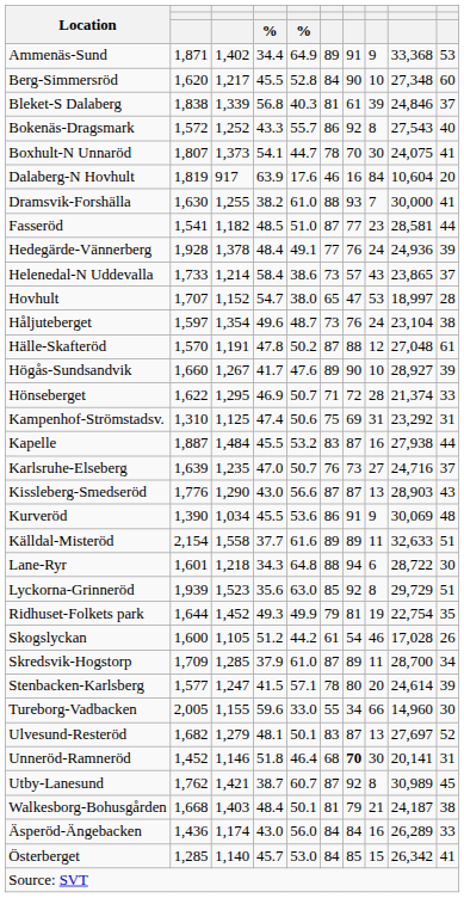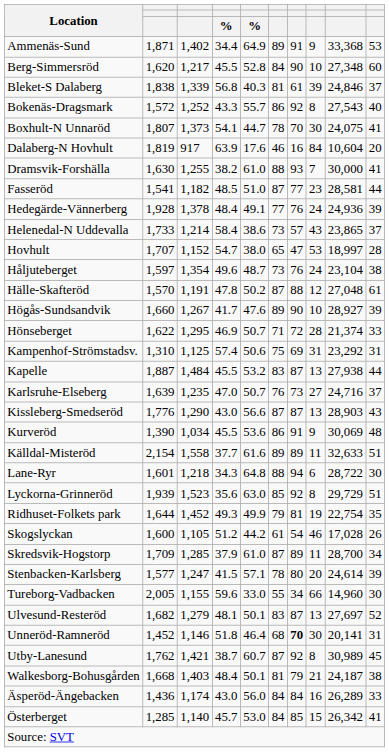 <table role="presentation" class="wikitable sortable mw-collapsible mw-collapsed">
 <tr>
 <th rowspan="3">Location</th>
 <th></th>
 <th></th>
 <th></th>
 <th></th>
 <th></th>
 <th></th>
 <th></th>
 <th></th>
 <th></th>
 </tr>
 <tr>
 <th></th>
 <th></th>
 <th style="background:"></th>
 <th style="background:"></th>
 <th></th>
 <th></th>
 <th></th>
 <th></th>
 <th></th>
 </tr>
 <tr>
 <th data-sort-type="number"></th>
 <th data-sort-type="number"></th>
 <th data-sort-type="number">%</th>
 <th data-sort-type="number">%</th>
 <th data-sort-type="number"></th>
 <th data-sort-type="number"></th>
 <th data-sort-type="number"></th>
 <th data-sort-type="number"></th>
 <th data-sort-type="number"></th>
 </tr>
 <tr>
 <td align="left">Ammenäs-Sund</td>
 <td>1,871</td>
 <td>1,402</td>
 <td>34.4</td>
 <td>64.9</td>
 <td>89</td>
 <td>91</td>
 <td>9</td>
 <td>33,368</td>
 <td>53</td>
 </tr>
 <tr>
 <td align="left">Berg-Simmersröd</td>
 <td>1,620</td>
 <td>1,217</td>
 <td>45.5</td>
 <td>52.8</td>
 <td>84</td>
 <td>90</td>
 <td>10</td>
 <td>27,348</td>
 <td>60</td>
 </tr>
 <tr>
 <td align="left">Bleket-S Dalaberg</td>
 <td>1,838</td>
 <td>1,339</td>
 <td>56.8</td>
 <td>40.3</td>
 <td>81</td>
 <td>61</td>
 <td>39</td>
 <td>24,846</td>
 <td>37</td>
 </tr>
 <tr>
 <td align="left">Bokenäs-Dragsmark</td>
 <td>1,572</td>
 <td>1,252</td>
 <td>43.3</td>
 <td>55.7</td>
 <td>86</td>
 <td>92</td>
 <td>8</td>
 <td>27,543</td>
 <td>40</td>
 </tr>
 <tr>
 <td align="left">Boxhult-N Unnaröd</td>
 <td>1,807</td>
 <td>1,373</td>
 <td>54.1</td>
 <td>44.7</td>
 <td>78</td>
 <td>70</td>
 <td>30</td>
 <td>24,075</td>
 <td>41</td>
 </tr>
 <tr>
 <td align="left">Dalaberg-N Hovhult</td>
 <td>1,819</td>
 <td>917</td>
 <td>63.9</td>
 <td>17.6</td>
 <td>46</td>
 <td>16</td>
 <td>84</td>
 <td>10,604</td>
 <td>20</td>
 </tr>
 <tr>
 <td align="left">Dramsvik-Forshälla</td>
 <td>1,630</td>
 <td>1,255</td>
 <td>38.2</td>
 <td>61.0</td>
 <td>88</td>
 <td>93</td>
 <td>7</td>
 <td>30,000</td>
 <td>41</td>
 </tr>
 <tr>
 <td align="left">Fasseröd</td>
 <td>1,541</td>
 <td>1,182</td>
 <td>48.5</td>
 <td>51.0</td>
 <td>87</td>
 <td>77</td>
 <td>23</td>
 <td>28,581</td>
 <td>44</td>
 </tr>
 <tr>
 <td align="left">Hedegärde-Vännerberg</td>
 <td>1,928</td>
 <td>1,378</td>
 <td>48.4</td>
 <td>49.1</td>
 <td>77</td>
 <td>76</td>
 <td>24</td>
 <td>24,936</td>
 <td>39</td>
 </tr>
 <tr>
 <td align="left">Helenedal-N Uddevalla</td>
 <td>1,733</td>
 <td>1,214</td>
 <td>58.4</td>
 <td>38.6</td>
 <td>73</td>
 <td>57</td>
 <td>43</td>
 <td>23,865</td>
 <td>37</td>
 </tr>
 <tr>
 <td align="left">Hovhult</td>
 <td>1,707</td>
 <td>1,152</td>
 <td>54.7</td>
 <td>38.0</td>
 <td>65</td>
 <td>47</td>
 <td>53</td>
 <td>18,997</td>
 <td>28</td>
 </tr>
 <tr>
 <td align="left">Håljuteberget</td>
 <td>1,597</td>
 <td>1,354</td>
 <td>49.6</td>
 <td>48.7</td>
 <td>73</td>
 <td>76</td>
 <td>24</td>
 <td>23,104</td>
 <td>38</td>
 </tr>
 <tr>
 <td align="left">Hälle-Skafteröd</td>
 <td>1,570</td>
 <td>1,191</td>
 <td>47.8</td>
 <td>50.2</td>
 <td>87</td>
 <td>88</td>
 <td>12</td>
 <td>27,048</td>
 <td>61</td>
 </tr>
 <tr>
 <td align="left">Högås-Sundsandvik</td>
 <td>1,660</td>
 <td>1,267</td>
 <td>41.7</td>
 <td>47.6</td>
 <td>89</td>
 <td>90</td>
 <td>10</td>
 <td>28,927</td>
 <td>39</td>
 </tr>
 <tr>
 <td align="left">Hönseberget</td>
 <td>1,622</td>
 <td>1,295</td>
 <td>46.9</td>
 <td>50.7</td>
 <td>71</td>
 <td>72</td>
 <td>28</td>
 <td>21,374</td>
 <td>33</td>
 </tr>
 <tr>
 <td align="left">Kampenhof-Strömstadsv.</td>
 <td>1,310</td>
 <td>1,125</td>
-<td>47.4</td>
+<td>57.4</td>
 <td>50.6</td>
 <td>75</td>
 <td>69</td>
 <td>31</td>
 <td>23,292</td>
 <td>31</td>
 </tr>
 <tr>
 <td align="left">Kapelle</td>
 <td>1,887</td>
 <td>1,484</td>
 <td>45.5</td>
 <td>53.2</td>
 <td>83</td>
 <td>87</td>
-<td>16</td>
+<td>13</td>
 <td>27,938</td>
 <td>44</td>
 </tr>
 <tr>
 <td align="left">Karlsruhe-Elseberg</td>
 <td>1,639</td>
 <td>1,235</td>
 <td>47.0</td>
 <td>50.7</td>
 <td>76</td>
 <td>73</td>
 <td>27</td>
 <td>24,716</td>
 <td>37</td>
 </tr>
 <tr>
 <td align="left">Kissleberg-Smedseröd</td>
 <td>1,776</td>
 <td>1,290</td>
 <td>43.0</td>
 <td>56.6</td>
 <td>87</td>
 <td>87</td>
 <td>13</td>
 <td>28,903</td>
 <td>43</td>
 </tr>
 <tr>
 <td align="left">Kurveröd</td>
 <td>1,390</td>
 <td>1,034</td>
 <td>45.5</td>
 <td>53.6</td>
 <td>86</td>
 <td>91</td>
 <td>9</td>
 <td>30,069</td>
 <td>48</td>
 </tr>
 <tr>
 <td align="left">Källdal-Misteröd</td>
 <td>2,154</td>
 <td>1,558</td>
 <td>37.7</td>
 <td>61.6</td>
 <td>89</td>
 <td>89</td>
 <td>11</td>
 <td>32,633</td>
 <td>51</td>
 </tr>
 <tr>
 <td align="left">Lane-Ryr</td>
 <td>1,601</td>
 <td>1,218</td>
 <td>34.3</td>
 <td>64.8</td>
 <td>88</td>
 <td>94</td>
 <td>6</td>
 <td>28,722</td>
 <td>30</td>
 </tr>
 <tr>
 <td align="left">Lyckorna-Grinneröd</td>
 <td>1,939</td>
 <td>1,523</td>
 <td>35.6</td>
 <td>63.0</td>
 <td>85</td>
 <td>92</td>
 <td>8</td>
 <td>29,729</td>
 <td>51</td>
 </tr>
 <tr>
 <td align="left">Ridhuset-Folkets park</td>
 <td>1,644</td>
 <td>1,452</td>
 <td>49.3</td>
 <td>49.9</td>
 <td>79</td>
 <td>81</td>
 <td>19</td>
 <td>22,754</td>
 <td>35</td>
 </tr>
 <tr>
 <td align="left">Skogslyckan</td>
 <td>1,600</td>
 <td>1,105</td>
 <td>51.2</td>
 <td>44.2</td>
 <td>61</td>
 <td>54</td>
 <td>46</td>
 <td>17,028</td>
 <td>26</td>
 </tr>
 <tr>
 <td align="left">Skredsvik-Hogstorp</td>
 <td>1,709</td>
 <td>1,285</td>
 <td>37.9</td>
 <td>61.0</td>
 <td>87</td>
 <td>89</td>
 <td>11</td>
 <td>28,700</td>
 <td>34</td>
 </tr>
 <tr>
 <td align="left">Stenbacken-Karlsberg</td>
 <td>1,577</td>
 <td>1,247</td>
 <td>41.5</td>
 <td>57.1</td>
 <td>78</td>
 <td>80</td>
 <td>20</td>
 <td>24,614</td>
 <td>39</td>
 </tr>
 <tr>
 <td align="left">Tureborg-Vadbacken</td>
 <td>2,005</td>
 <td>1,155</td>
 <td>59.6</td>
 <td>33.0</td>
 <td>55</td>
 <td>34</td>
 <td>66</td>
 <td>14,960</td>
 <td>30</td>
 </tr>
 <tr>
 <td align="left">Ulvesund-Resteröd</td>
 <td>1,682</td>
 <td>1,279</td>
 <td>48.1</td>
 <td>50.1</td>
 <td>83</td>
 <td>87</td>
 <td>13</td>
 <td>27,697</td>
 <td>52</td>
 </tr>
 <tr>
 <td align="left">Unneröd-Ramneröd</td>
 <td>1,452</td>
 <td>1,146</td>
 <td>51.8</td>
 <td>46.4</td>
 <td>68</td>
 <td><strong>70</strong></td>
 <td>30</td>
 <td>20,141</td>
 <td>31</td>
 </tr>
 <tr>
 <td align="left">Utby-Lanesund</td>
 <td>1,762</td>
 <td>1,421</td>
 <td>38.7</td>
 <td>60.7</td>
 <td>87</td>
 <td>92</td>
 <td>8</td>
 <td>30,989</td>
 <td>45</td>
 </tr>
 <tr>
 <td align="left">Walkesborg-Bohusgården</td>
 <td>1,668</td>
 <td>1,403</td>
 <td>48.4</td>
 <td>50.1</td>
 <td>81</td>
 <td>79</td>
 <td>21</td>
 <td>24,187</td>
 <td>38</td>
 </tr>
 <tr>
 <td align="left">Äsperöd-Ängebacken</td>
 <td>1,436</td>
 <td>1,174</td>
 <td>43.0</td>
 <td>56.0</td>
 <td>84</td>
 <td>84</td>
 <td>16</td>
 <td>26,289</td>
 <td>33</td>
 </tr>
 <tr>
 <td align="left">Österberget</td>
 <td>1,285</td>
 <td>1,140</td>
 <td>45.7</td>
 <td>53.0</td>
 <td>84</td>
 <td>85</td>
 <td>15</td>
 <td>26,342</td>
 <td>41</td>
 </tr>
 <tr>
 <td colspan="10" align="left">Source: <a href='#'>SVT</a></td>
 </tr>
 </table>
